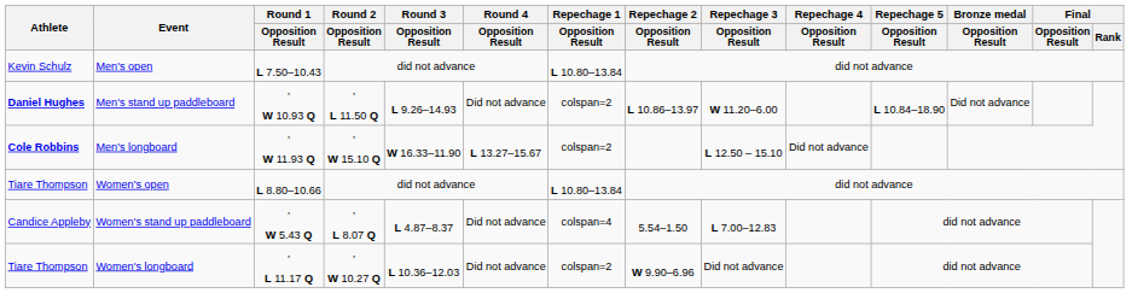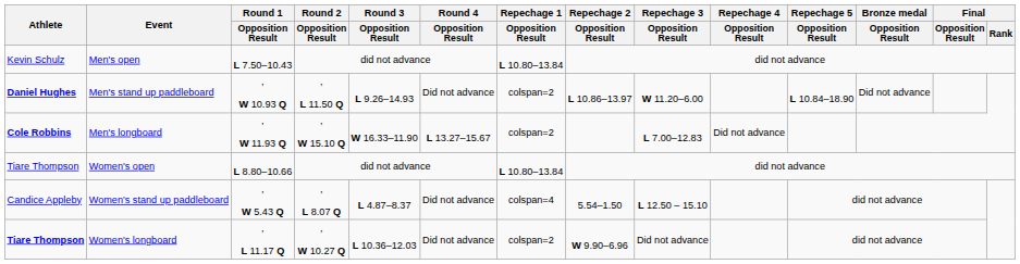 <table class=wikitable style=font-size:75%;text-align:center>
 <tr>
 <th rowspan=2>Athlete</th>
 <th rowspan=2>Event</th>
 <th>Round 1</th>
 <th>Round 2</th>
 <th>Round 3</th>
 <th>Round 4</th>
 <th>Repechage 1</th>
 <th>Repechage 2</th>
 <th>Repechage 3</th>
 <th>Repechage 4</th>
 <th>Repechage 5</th>
 <th>Bronze medal</th>
 <th colspan=2>Final</th>
 </tr>
 <tr style=font-size:95%>
 <th>Opposition<br>Result</th>
 <th>Opposition<br>Result</th>
 <th>Opposition<br>Result</th>
 <th>Opposition<br>Result</th>
 <th>Opposition<br>Result</th>
 <th>Opposition<br>Result</th>
 <th>Opposition<br>Result</th>
 <th>Opposition<br>Result</th>
 <th>Opposition<br>Result</th>
 <th>Opposition<br>Result</th>
 <th>Opposition<br>Result</th>
 <th>Rank</th>
 </tr>
 <tr>
 <td align=left><a href='#'>Kevin Schulz</a></td>
 <td align=left><a href='#'>Men's open</a></td>
 <td><br><strong>L</strong> 7.50–10.43</td>
 <td colspan=3>did not advance</td>
 <td><br><strong>L</strong> 10.80–13.84</td>
 <td colspan=7>did not advance</td>
 </tr>
 <tr>
 <td align=left><strong><a href='#'>Daniel Hughes</a></strong></td>
 <td align=left><a href='#'>Men's stand up paddleboard</a></td>
 <td>,<br><br><strong>W</strong> 10.93 <strong>Q</strong></td>
 <td>,<br><br><strong>L</strong> 11.50 <strong>Q</strong></td>
 <td><br><strong>L</strong> 9.26–14.93</td>
 <td>Did not advance</td>
 <td>colspan=2 </td>
 <td><br><strong>L</strong> 10.86–13.97</td>
 <td><br><strong>W</strong> 11.20–6.00</td>
 <td></td>
 <td><br><strong>L</strong> 10.84–18.90</td>
 <td>Did not advance</td>
 <td></td>
 </tr>
 <tr>
 <td align=left><strong><a href='#'>Cole Robbins</a></strong></td>
 <td align=left><a href='#'>Men's longboard</a></td>
 <td>,<br><br><strong>W</strong> 11.93 <strong>Q</strong></td>
 <td>,<br><br><strong>W</strong> 15.10 <strong>Q</strong></td>
 <td><br><strong>W</strong> 16.33–11.90</td>
 <td><br><strong>L</strong> 13.27–15.67</td>
 <td>colspan=2 </td>
 <td></td>
-<td><br><strong>L</strong> 12.50 – 15.10</td>
+<td><br><strong>L</strong> 7.00–12.83</td>
 <td>Did not advance</td>
 <td></td>
 </tr>
 <tr>
 <td align=left><a href='#'>Tiare Thompson</a></td>
 <td align=left><a href='#'>Women's open</a></td>
 <td><br><strong>L</strong> 8.80–10.66</td>
 <td colspan=3>did not advance</td>
 <td><br><strong>L</strong> 10.80–13.84</td>
 <td colspan=7>did not advance</td>
 </tr>
 <tr>
 <td align=left><a href='#'>Candice Appleby</a></td>
 <td align=left><a href='#'>Women's stand up paddleboard</a></td>
 <td>,<br><br><strong>W</strong> 5.43 <strong>Q</strong></td>
 <td>,<br><br><strong>L</strong> 8.07 <strong>Q</strong></td>
 <td><br><strong>L</strong> 4.87–8.37</td>
 <td>Did not advance</td>
 <td>colspan=4 </td>
 <td><br> 5.54–1.50</td>
-<td><br><strong>L</strong> 7.00–12.83</td>
+<td><br><strong>L</strong> 12.50 – 15.10</td>
 <td></td>
 <td colspan=3>did not advance</td>
 </tr>
 <tr>
-<td align=left><a href='#'>Tiare Thompson</a></td>
+<td align=left><strong><a href='#'>Tiare Thompson</a></strong></td>
 <td align=left><a href='#'>Women's longboard</a></td>
 <td>,<br><br><strong>L</strong> 11.17 <strong>Q</strong></td>
 <td>,<br><br><strong>W</strong> 10.27 <strong>Q</strong></td>
 <td><br><strong>L</strong> 10.36–12.03</td>
 <td>Did not advance</td>
 <td>colspan=2 </td>
 <td><br><strong>W</strong> 9.90–6.96</td>
 <td>Did not advance</td>
 <td></td>
 <td colspan=3>did not advance</td>
 </tr>
 </table>
